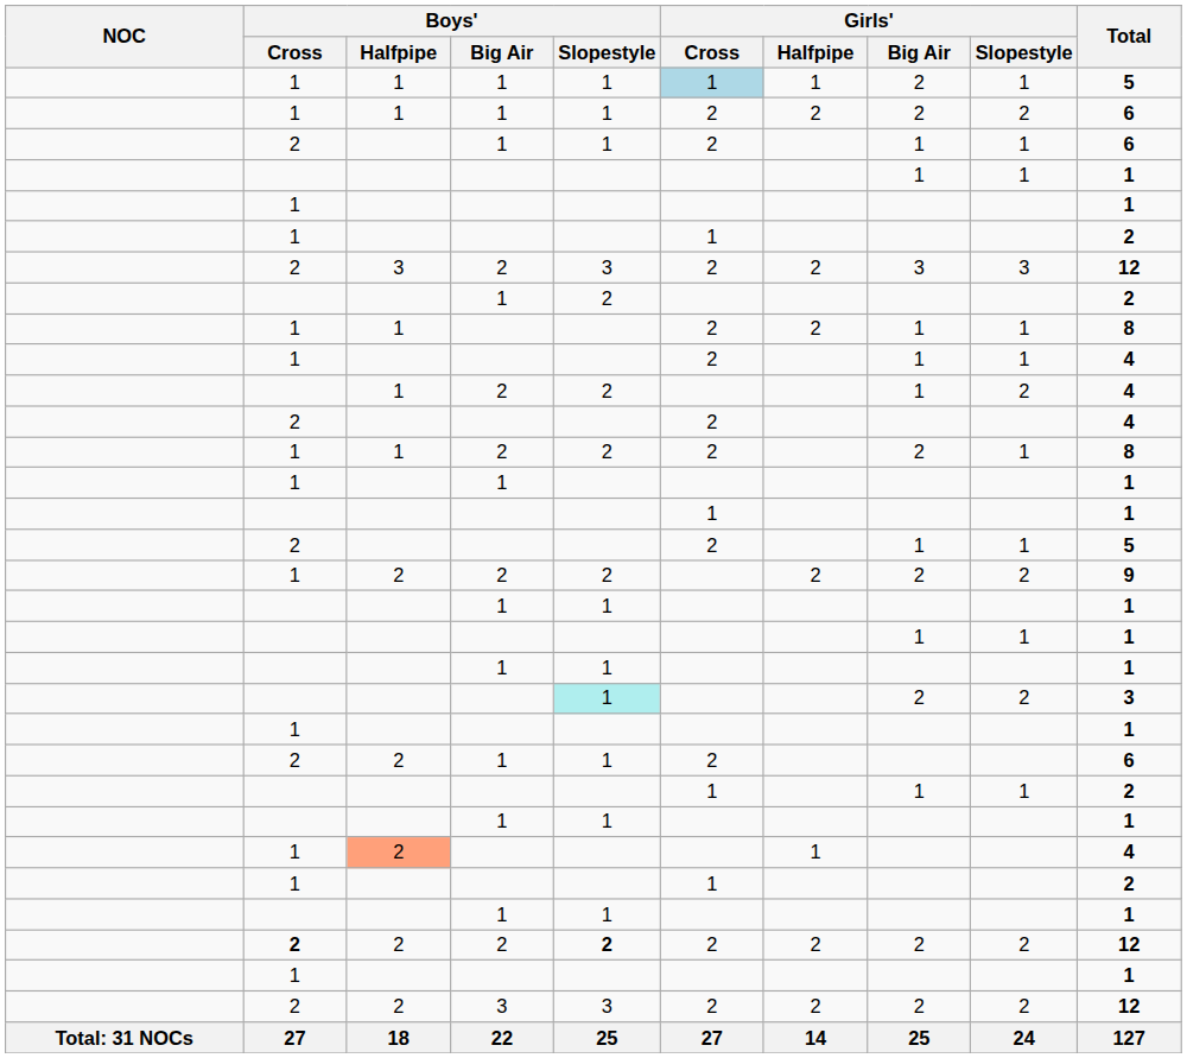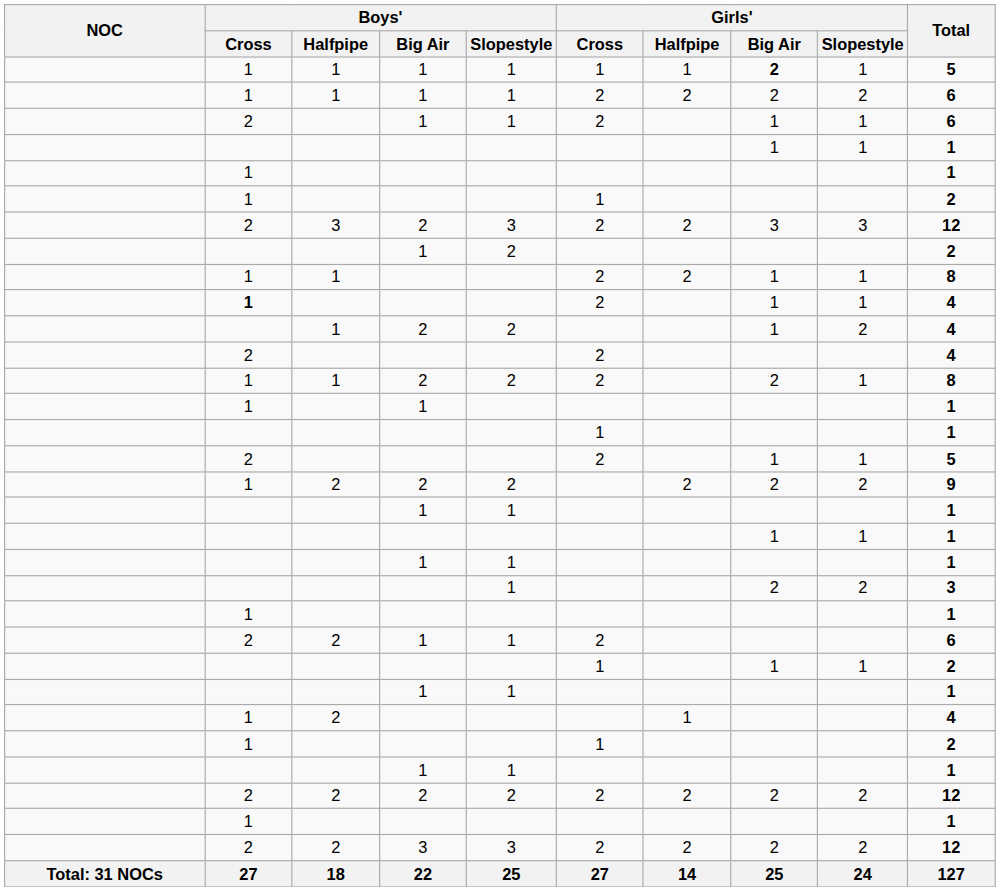 <table class="wikitable" style="text-align:center; font-size:90%">
 <tr>
 <th width=170 align=left rowspan=2>NOC</th>
 <th colspan=4>Boys'</th>
 <th colspan=4>Girls'</th>
 <th rowspan=2 width=70>Total</th>
 </tr>
 <tr>
 <th width=70>Cross</th>
 <th width=70>Halfpipe</th>
 <th width=70>Big Air</th>
 <th width=70>Slopestyle</th>
 <th width=70>Cross</th>
 <th width=70>Halfpipe</th>
 <th width=70>Big Air</th>
 <th width=70>Slopestyle</th>
 </tr>
 <tr>
 <td align=left></td>
 <td>1</td>
 <td>1</td>
 <td>1</td>
 <td>1</td>
-<td style="background: lightblue;">1</td>
 <td>1</td>
-<td>2</td>
+<td>1</td>
+<td><strong>2</strong></td>
 <td>1</td>
 <td><strong>5</strong></td>
 </tr>
 <tr>
 <td align=left></td>
 <td>1</td>
 <td>1</td>
 <td>1</td>
 <td>1</td>
 <td>2</td>
 <td>2</td>
 <td>2</td>
 <td>2</td>
 <td><strong>6</strong></td>
 </tr>
 <tr>
 <td align=left></td>
 <td>2</td>
 <td></td>
 <td>1</td>
 <td>1</td>
 <td>2</td>
 <td></td>
 <td>1</td>
 <td>1</td>
 <td><strong>6</strong></td>
 </tr>
 <tr>
 <td align=left></td>
 <td></td>
 <td></td>
 <td></td>
 <td></td>
 <td></td>
 <td></td>
 <td>1</td>
 <td>1</td>
 <td><strong>1</strong></td>
 </tr>
 <tr>
 <td align=left></td>
 <td>1</td>
 <td></td>
 <td></td>
 <td></td>
 <td></td>
 <td></td>
 <td></td>
 <td></td>
 <td><strong>1</strong></td>
 </tr>
 <tr>
 <td align=left></td>
 <td>1</td>
 <td></td>
 <td></td>
 <td></td>
 <td>1</td>
 <td></td>
 <td></td>
 <td></td>
 <td><strong>2</strong></td>
 </tr>
 <tr>
 <td align=left></td>
 <td>2</td>
 <td>3</td>
 <td>2</td>
 <td>3</td>
 <td>2</td>
 <td>2</td>
 <td>3</td>
 <td>3</td>
 <td><strong>12</strong></td>
 </tr>
 <tr>
 <td align=left></td>
 <td></td>
 <td></td>
 <td>1</td>
 <td>2</td>
 <td></td>
 <td></td>
 <td></td>
 <td></td>
 <td><strong>2</strong></td>
 </tr>
 <tr>
 <td align=left></td>
 <td>1</td>
 <td>1</td>
 <td></td>
 <td></td>
 <td>2</td>
 <td>2</td>
 <td>1</td>
 <td>1</td>
 <td><strong>8</strong></td>
 </tr>
 <tr>
 <td align=left></td>
-<td>1</td>
+<td><strong>1</strong></td>
 <td></td>
 <td></td>
 <td></td>
 <td>2</td>
 <td></td>
 <td>1</td>
 <td>1</td>
 <td><strong>4</strong></td>
 </tr>
 <tr>
 <td align=left></td>
 <td></td>
 <td>1</td>
 <td>2</td>
 <td>2</td>
 <td></td>
 <td></td>
 <td>1</td>
 <td>2</td>
 <td><strong>4</strong></td>
 </tr>
 <tr>
 <td align=left></td>
 <td>2</td>
 <td></td>
 <td></td>
 <td></td>
 <td>2</td>
 <td></td>
 <td></td>
 <td></td>
 <td><strong>4</strong></td>
 </tr>
 <tr>
 <td align=left></td>
 <td>1</td>
 <td>1</td>
 <td>2</td>
 <td>2</td>
 <td>2</td>
 <td></td>
 <td>2</td>
 <td>1</td>
 <td><strong>8</strong></td>
 </tr>
 <tr>
 <td align=left></td>
 <td>1</td>
 <td></td>
 <td>1</td>
 <td></td>
 <td></td>
 <td></td>
 <td></td>
 <td></td>
 <td><strong>1</strong></td>
 </tr>
 <tr>
 <td align=left></td>
 <td></td>
 <td></td>
 <td></td>
 <td></td>
 <td>1</td>
 <td></td>
 <td></td>
 <td></td>
 <td><strong>1</strong></td>
 </tr>
 <tr>
 <td align=left></td>
 <td>2</td>
 <td></td>
 <td></td>
 <td></td>
 <td>2</td>
 <td></td>
 <td>1</td>
 <td>1</td>
 <td><strong>5</strong></td>
 </tr>
 <tr>
 <td align=left></td>
 <td>1</td>
 <td>2</td>
 <td>2</td>
 <td>2</td>
 <td></td>
 <td>2</td>
 <td>2</td>
 <td>2</td>
 <td><strong>9</strong></td>
 </tr>
 <tr>
 <td align=left></td>
 <td></td>
 <td></td>
 <td>1</td>
 <td>1</td>
 <td></td>
 <td></td>
 <td></td>
 <td></td>
 <td><strong>1</strong></td>
 </tr>
 <tr>
 <td align=left></td>
 <td></td>
 <td></td>
 <td></td>
 <td></td>
 <td></td>
 <td></td>
 <td>1</td>
 <td>1</td>
 <td><strong>1</strong></td>
 </tr>
 <tr>
 <td align=left></td>
 <td></td>
 <td></td>
 <td>1</td>
 <td>1</td>
 <td></td>
 <td></td>
 <td></td>
 <td></td>
 <td><strong>1</strong></td>
 </tr>
 <tr>
 <td align=left></td>
 <td></td>
 <td></td>
 <td></td>
-<td style="background: paleturquoise;">1</td>
+<td>1</td>
 <td></td>
 <td></td>
 <td>2</td>
 <td>2</td>
 <td><strong>3</strong></td>
 </tr>
 <tr>
 <td align=left></td>
 <td>1</td>
 <td></td>
 <td></td>
 <td></td>
 <td></td>
 <td></td>
 <td></td>
 <td></td>
 <td><strong>1</strong></td>
 </tr>
 <tr>
 <td align=left></td>
 <td>2</td>
 <td>2</td>
 <td>1</td>
 <td>1</td>
 <td>2</td>
 <td></td>
 <td></td>
 <td></td>
 <td><strong>6</strong></td>
 </tr>
 <tr>
 <td align=left></td>
 <td></td>
 <td></td>
 <td></td>
 <td></td>
 <td>1</td>
 <td></td>
 <td>1</td>
 <td>1</td>
 <td><strong>2</strong></td>
 </tr>
 <tr>
 <td align=left></td>
 <td></td>
 <td></td>
 <td>1</td>
 <td>1</td>
 <td></td>
 <td></td>
 <td></td>
 <td></td>
 <td><strong>1</strong></td>
 </tr>
 <tr>
 <td align=left></td>
 <td>1</td>
-<td style="background: lightsalmon;">2</td>
+<td>2</td>
 <td></td>
 <td></td>
 <td></td>
 <td>1</td>
 <td></td>
 <td></td>
 <td><strong>4</strong></td>
 </tr>
 <tr>
 <td align=left></td>
 <td>1</td>
 <td></td>
 <td></td>
 <td></td>
 <td>1</td>
 <td></td>
 <td></td>
 <td></td>
 <td><strong>2</strong></td>
 </tr>
 <tr>
 <td align=left></td>
 <td></td>
 <td></td>
 <td>1</td>
 <td>1</td>
 <td></td>
 <td></td>
 <td></td>
 <td></td>
 <td><strong>1</strong></td>
 </tr>
 <tr>
 <td align=left></td>
-<td><strong>2</strong></td>
 <td>2</td>
 <td>2</td>
-<td><strong>2</strong></td>
+<td>2</td>
+<td>2</td>
 <td>2</td>
 <td>2</td>
 <td>2</td>
 <td>2</td>
 <td><strong>12</strong></td>
 </tr>
 <tr>
 <td align=left></td>
 <td>1</td>
 <td></td>
 <td></td>
 <td></td>
 <td></td>
 <td></td>
 <td></td>
 <td></td>
 <td><strong>1</strong></td>
 </tr>
 <tr>
 <td align=left></td>
 <td>2</td>
 <td>2</td>
 <td>3</td>
 <td>3</td>
 <td>2</td>
 <td>2</td>
 <td>2</td>
 <td>2</td>
 <td><strong>12</strong></td>
 </tr>
 <tr>
 <th>Total: 31 NOCs</th>
 <th>27</th>
 <th>18</th>
 <th>22</th>
 <th>25</th>
 <th>27</th>
 <th>14</th>
 <th>25</th>
 <th>24</th>
 <th>127</th>
 </tr>
 </table>
